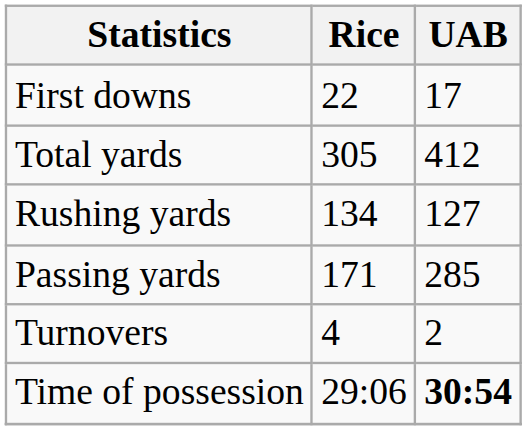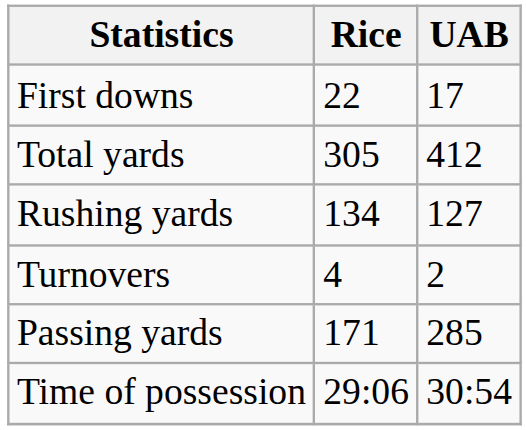 <table class="wikitable" style="float: right;">
 <tr>
 <th>Statistics</th>
 <th>Rice</th>
 <th>UAB</th>
 </tr>
 <tr>
 <td>First downs</td>
 <td>22</td>
 <td>17</td>
 </tr>
 <tr>
 <td>Total yards</td>
 <td>305</td>
 <td>412</td>
 </tr>
 <tr>
 <td>Rushing yards</td>
 <td>134</td>
 <td>127</td>
 </tr>
 <tr>
+<td>Turnovers</td>
+<td>4</td>
+<td>2</td>
+</tr>
+<tr>
 <td>Passing yards</td>
 <td>171</td>
 <td>285</td>
 </tr>
 <tr>
-<td>Turnovers</td>
-<td>4</td>
-<td>2</td>
-</tr>
-<tr>
 <td>Time of possession</td>
 <td>29:06</td>
-<td><strong>30:54</strong></td>
+<td>30:54</td>
 </tr>
 <tr>
 </tr>
 </table>
